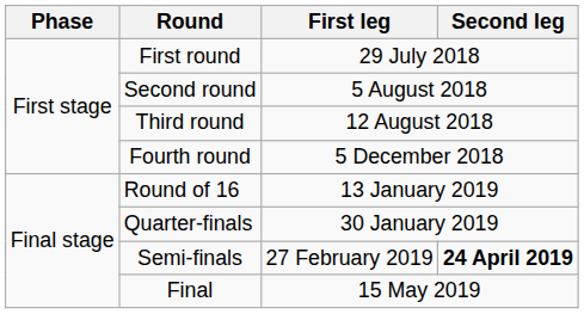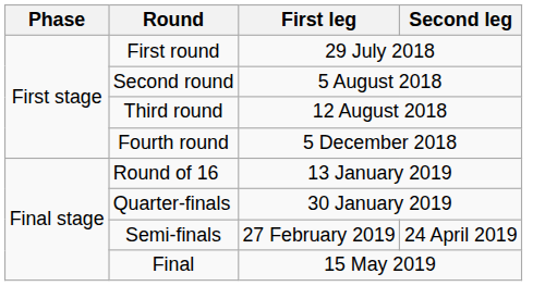 <table class="wikitable" border="1">
 <tr>
 <th>Phase</th>
 <th>Round</th>
 <th>First leg</th>
 <th>Second leg</th>
 </tr>
 <tr>
 <td rowspan=4 align=center>First stage</td>
 <td align="center">First round</td>
 <td colspan=2 align=center>29 July 2018</td>
 </tr>
 <tr>
 <td align=center>Second round</td>
 <td colspan=2 align=center>5 August 2018</td>
 </tr>
 <tr>
 <td align=center>Third round</td>
 <td colspan=2 align=center>12 August 2018</td>
 </tr>
 <tr>
 <td align="center">Fourth round</td>
 <td colspan=2 align=center>5 December 2018</td>
 </tr>
 <tr>
 <td rowspan=4 align=center>Final stage</td>
 <td>Round of 16</td>
 <td colspan=2 align=center>13 January 2019</td>
 </tr>
 <tr>
 <td>Quarter-finals</td>
 <td colspan=2 align=center>30 January 2019</td>
 </tr>
 <tr>
 <td align=center>Semi-finals</td>
 <td align=center>27 February 2019</td>
-<td align=center><strong>24 April 2019</strong></td>
+<td align=center>24 April 2019</td>
 </tr>
 <tr>
 <td align=center>Final</td>
 <td colspan=2 align=center>15 May 2019</td>
 </tr>
 </table>
